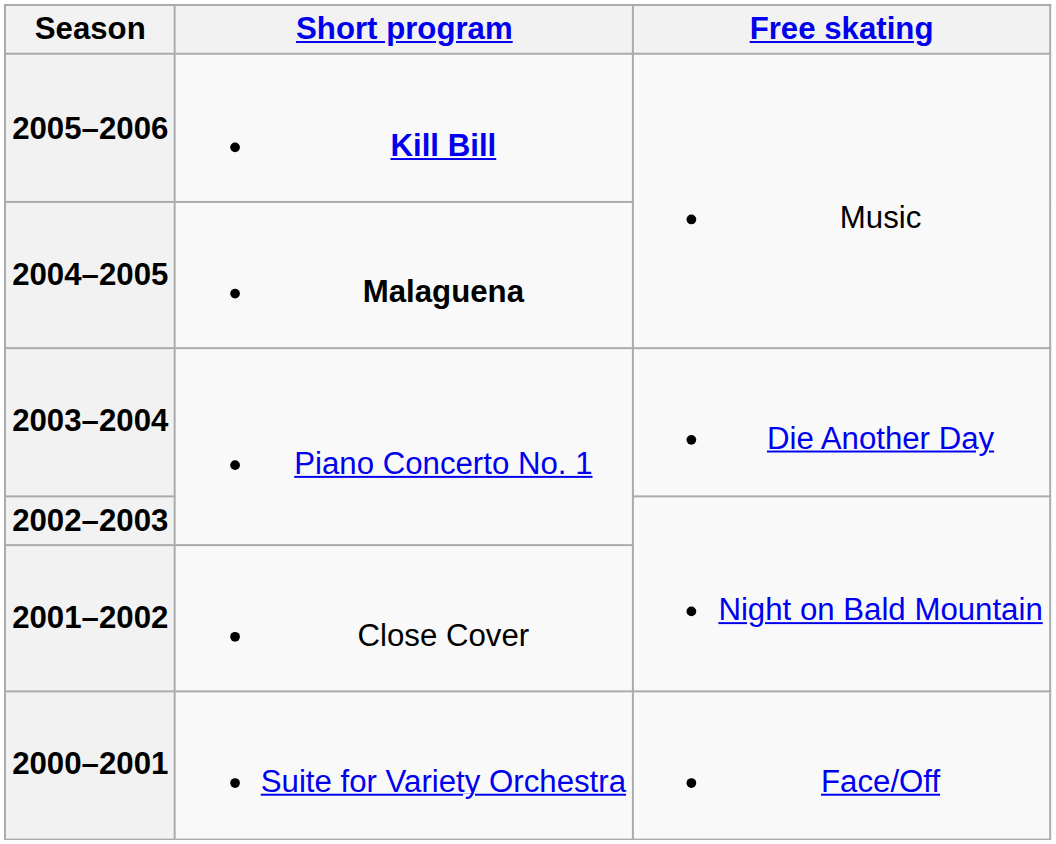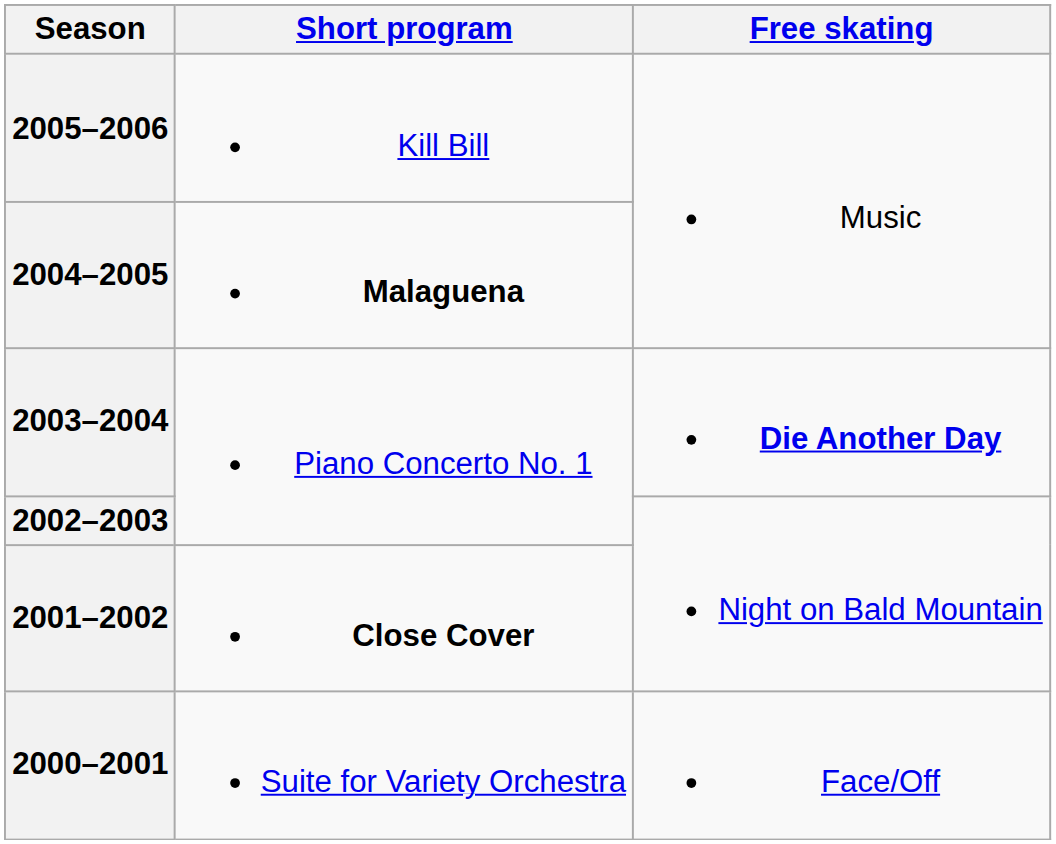 <table class=wikitable style=text-align:center>
 <tr>
 <th>Season</th>
 <th><a href='#'>Short program</a></th>
 <th><a href='#'>Free skating</a></th>
 </tr>
 <tr>
 <th>2005–2006 <br> </th>
-<td><strong><br><ul><li><a href='#'>Kill Bill</a> <br></li></ul></strong></td>
+<td><br><ul><li><a href='#'>Kill Bill</a> <br></li></ul></td>
 <td rowspan=2><br><ul><li>Music <br></li></ul></td>
 </tr>
 <tr>
 <th>2004–2005 <br> </th>
 <td><strong><br><ul><li>Malaguena <br></li></ul></strong></td>
 </tr>
 <tr>
 <th>2003–2004 <br> </th>
 <td rowspan=2><br><ul><li><a href='#'>Piano Concerto No. 1</a> <br></li></ul></td>
-<td><br><ul><li><a href='#'>Die Another Day</a> <br></li></ul></td>
+<td><strong><br><ul><li><a href='#'>Die Another Day</a> <br></li></ul></strong></td>
 </tr>
 <tr>
 <th>2002–2003 <br> </th>
 <td rowspan=2><br><ul><li><a href='#'>Night on Bald Mountain</a> <br></li></ul></td>
 </tr>
 <tr>
 <th>2001–2002 <br> </th>
-<td><br><ul><li>Close Cover <br></li></ul></td>
+<td><strong><br><ul><li>Close Cover <br></li></ul></strong></td>
 </tr>
 <tr>
 <th>2000–2001 <br> </th>
 <td><br><ul><li><a href='#'>Suite for Variety Orchestra</a> <br></li></ul></td>
 <td><br><ul><li><a href='#'>Face/Off</a> <br></li></ul></td>
 </tr>
 </table>
